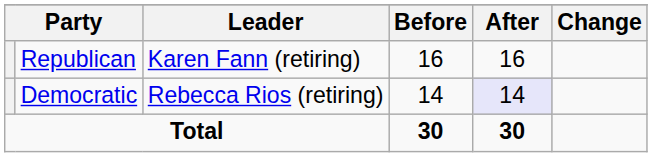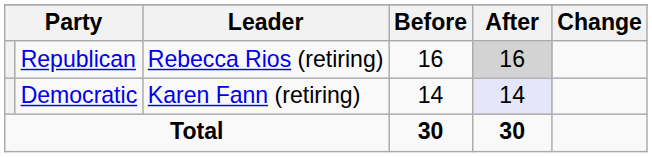 <table class="wikitable" style="text-align:center;">
 <tr>
 </tr>
 <tr>
 <th colspan=2>Party</th>
 <th>Leader</th>
 <th style="width:3em">Before</th>
 <th style="width:3em">After</th>
 <th style="width:3em">Change</th>
 </tr>
 <tr>
 <th style="background-color:"></th>
 <td style="text-align:left;"><a href='#'>Republican</a></td>
-<td style="text-align:left;"><a href='#'>Karen Fann</a> (retiring)</td>
+<td style="text-align:left;"><a href='#'>Rebecca Rios</a> (retiring)</td>
 <td>16</td>
-<td>16</td>
+<td style="background: lightgrey;">16</td>
 <td></td>
 </tr>
 <tr>
 <th style="background-color:"></th>
 <td style="text-align:left;"><a href='#'>Democratic</a></td>
-<td style="text-align:left;"><a href='#'>Rebecca Rios</a> (retiring)</td>
+<td style="text-align:left;"><a href='#'>Karen Fann</a> (retiring)</td>
 <td>14</td>
 <td style="background: lavender;">14</td>
 <td></td>
 </tr>
 <tr>
 <td colspan=3><strong>Total</strong></td>
 <td><strong>30</strong></td>
 <td><strong>30</strong></td>
 <td></td>
 </tr>
 </table>
